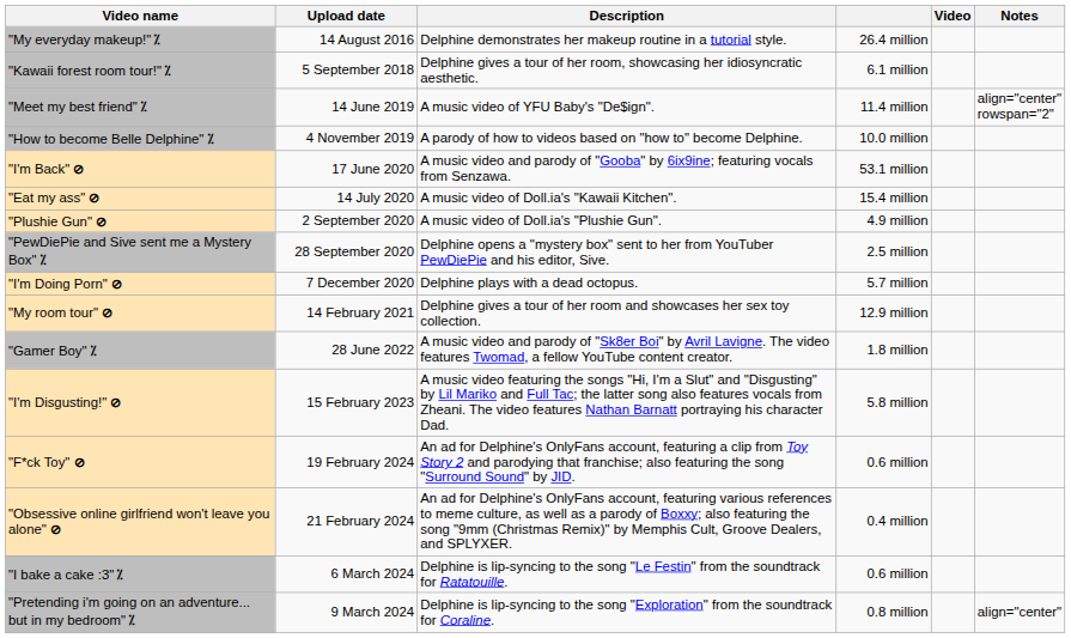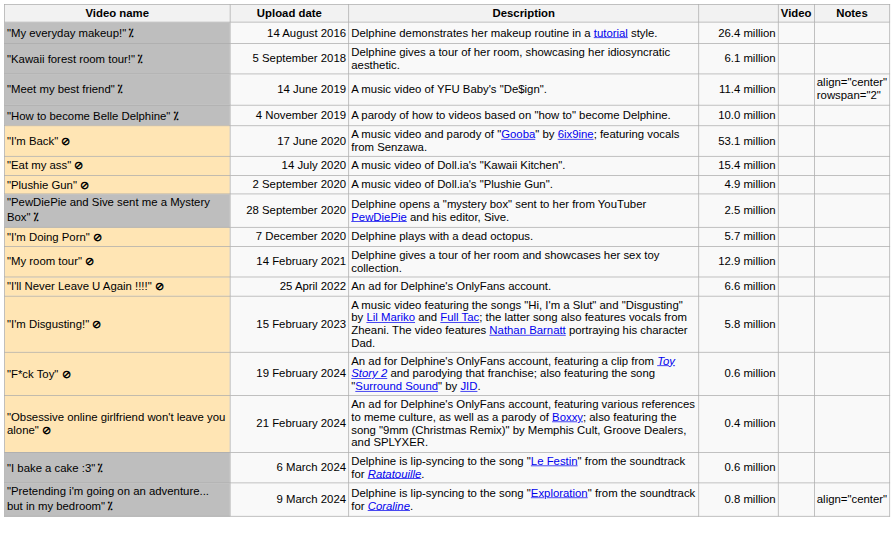 <table class="wikitable sortable">
 <tr>
 <th style="width:25em;">Video name</th>
 <th style="width:12em;" align="center" data-sort-type=date>Upload date</th>
 <th style="width:40em;" class="unsortable">Description</th>
 <th style="width:8em;"></th>
 <th style="width:2em;" class="unsortable">Video</th>
 <th style="width:2em;" class="unsortable">Notes</th>
 </tr>
 <tr>
 <td style="background:#BEBEBE;">"My everyday makeup!" <strong>⁒</strong></td>
 <td align="right">14 August 2016</td>
 <td>Delphine demonstrates her makeup routine in a <a href='#'>tutorial</a> style.</td>
 <td align="right">26.4 million</td>
 <td align="center"></td>
 <td align="center"></td>
 </tr>
 <tr>
 <td style="background:#BEBEBE;">"Kawaii forest room tour!" <strong>⁒</strong></td>
 <td align="right">5 September 2018</td>
 <td>Delphine gives a tour of her room, showcasing her idiosyncratic aesthetic.</td>
 <td align="right">6.1 million</td>
 <td align="center"></td>
 <td align="center"></td>
 </tr>
 <tr>
 <td style="background:#BEBEBE;">"Meet my best friend" <strong>⁒</strong></td>
 <td align="right">14 June 2019</td>
 <td>A music video of YFU Baby's "De$ign".</td>
 <td align="right">11.4 million</td>
 <td align="center"></td>
 <td>align="center" rowspan="2" </td>
 </tr>
 <tr>
 <td style="background:#BEBEBE;">"How to become Belle Delphine" <strong>⁒</strong></td>
 <td align="right">4 November 2019</td>
 <td>A parody of how to videos based on "how to" become Delphine.</td>
 <td align="right">10.0 million</td>
 <td align="center"></td>
 </tr>
 <tr>
 <td style="background:#FFE5B4;">"I'm Back" <strong>⊘</strong></td>
 <td align="right">17 June 2020</td>
 <td>A music video and parody of "<a href='#'>Gooba</a>" by <a href='#'>6ix9ine</a>; featuring vocals from Senzawa.</td>
 <td align="right">53.1 million</td>
 <td align="center"></td>
 <td align="center"></td>
 </tr>
 <tr>
 <td style="background:#FFE5B4;">"Eat my ass" <strong>⊘</strong></td>
 <td align="right">14 July 2020</td>
 <td>A music video of Doll.ia's "Kawaii Kitchen".</td>
 <td align="right">15.4 million</td>
 <td align="center"></td>
 <td align="center"></td>
 </tr>
 <tr>
 <td style="background:#FFE5B4;">"Plushie Gun" <strong>⊘</strong></td>
 <td align="right">2 September 2020</td>
 <td>A music video of Doll.ia's "Plushie Gun".</td>
 <td align="right">4.9 million</td>
 <td align="center"></td>
 <td align="center"></td>
 </tr>
 <tr>
 <td style="background:#BEBEBE;">"PewDiePie and Sive sent me a Mystery Box" <strong>⁒</strong></td>
 <td align="right">28 September 2020</td>
 <td>Delphine opens a "mystery box" sent to her from YouTuber <a href='#'>PewDiePie</a> and his editor, Sive.</td>
 <td align="right">2.5 million</td>
 <td align="center"></td>
 <td align="center"></td>
 </tr>
 <tr>
 <td style="background:#FFE5B4;">"I'm Doing Porn" <strong>⊘</strong></td>
 <td align="right">7 December 2020</td>
 <td>Delphine plays with a dead octopus.</td>
 <td align="right">5.7 million</td>
 <td align="center"></td>
 <td align="center"></td>
 </tr>
 <tr>
 <td style="background:#FFE5B4;">"My room tour" <strong>⊘</strong></td>
 <td align="right">14 February 2021</td>
 <td>Delphine gives a tour of her room and showcases her sex toy collection.</td>
 <td align="right">12.9 million</td>
 <td align="center"></td>
 <td align="center"></td>
 </tr>
 <tr>
-<td style="background:#BEBEBE;">"Gamer Boy" <strong>⁒</strong></td>
-<td align="right">28 June 2022</td>
-<td>A music video and parody of "<a href='#'>Sk8er Boi</a>" by <a href='#'>Avril Lavigne</a>. The video features <a href='#'>Twomad</a>, a fellow YouTube content creator.</td>
-<td align="right">1.8 million</td>
+<td style="background:#FFE5B4;">"I'll Never Leave U Again !!!!" <strong>⊘</strong></td>
+<td align="right">25 April 2022</td>
+<td>An ad for Delphine's OnlyFans account.</td>
+<td align="right">6.6 million</td>
 <td align="center"></td>
 <td align="center"></td>
 </tr>
 <tr>
 <td style="background:#FFE5B4;">"I'm Disgusting!" <strong>⊘</strong></td>
 <td align="right">15 February 2023</td>
 <td>A music video featuring the songs "Hi, I'm a Slut" and "Disgusting" by <a href='#'>Lil Mariko</a> and <a href='#'>Full Tac</a>; the latter song also features vocals from Zheani. The video features <a href='#'>Nathan Barnatt</a> portraying his character Dad.</td>
 <td align="right">5.8 million</td>
 <td align="center"></td>
 <td align="center"></td>
 </tr>
 <tr>
 <td style="background:#FFE5B4;">"F*ck Toy" <strong>⊘</strong></td>
 <td align="right">19 February 2024</td>
 <td>An ad for Delphine's OnlyFans account, featuring a clip from <em><a href='#'>Toy Story 2</a></em> and parodying that franchise; also featuring the song "<a href='#'>Surround Sound</a>" by <a href='#'>JID</a>.</td>
 <td align="right"> 0.6 million</td>
 <td align="center"></td>
 <td align="center"></td>
 </tr>
 <tr>
 <td style="background:#FFE5B4;">"Obsessive online girlfriend won't leave you alone" <strong>⊘</strong></td>
 <td align="right">21 February 2024</td>
 <td>An ad for Delphine's OnlyFans account, featuring various references to meme culture, as well as a parody of <a href='#'>Boxxy</a>; also featuring the song "9mm (Christmas Remix)" by Memphis Cult, Groove Dealers, and SPLYXER.</td>
 <td align="right"> 0.4 million</td>
 <td align="center"></td>
 <td align="center"></td>
 </tr>
 <tr>
 <td style="background:#BEBEBE;">"I bake a cake :3" <strong>⁒</strong></td>
 <td align="right">6 March 2024</td>
 <td>Delphine is lip-syncing to the song "<a href='#'>Le Festin</a>" from the soundtrack for <em><a href='#'>Ratatouille</a></em>.</td>
 <td align="right">0.6 million</td>
 <td align="center"></td>
 <td align="center"></td>
 </tr>
 <tr>
 <td style="background:#BEBEBE;">"Pretending i'm going on an adventure... but in my bedroom" <strong>⁒</strong></td>
 <td align="right">9 March 2024</td>
 <td>Delphine is lip-syncing to the song "<a href='#'>Exploration</a>" from the soundtrack for <em><a href='#'>Coraline</a></em>.</td>
 <td align="right">0.8 million</td>
 <td align="center"></td>
 <td>align="center" </td>
 </tr>
 </table>
